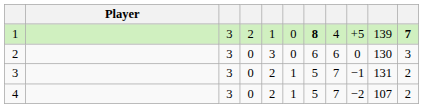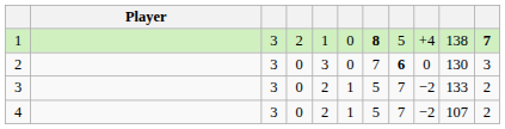 <table class="wikitable" style="text-align:center; margin: 1em auto 1em auto, align:left">
 <tr>
 <th width=20></th>
 <th width=240>Player</th>
 <th width=20></th>
 <th width=20></th>
 <th width=20></th>
 <th width=20></th>
 <th width=20></th>
 <th width=20></th>
 <th width=20></th>
 <th width=30></th>
 <th width=20></th>
 </tr>
 <tr style="background:#D0F0C0;">
 <td>1</td>
 <td align=left></td>
 <td>3</td>
 <td>2</td>
 <td>1</td>
 <td>0</td>
 <td><strong>8</strong></td>
-<td>4</td>
-<td>+5</td>
-<td>139</td>
+<td>5</td>
+<td>+4</td>
+<td>138</td>
 <td><strong>7</strong></td>
 </tr>
 <tr style=>
 <td>2</td>
 <td align=left></td>
 <td>3</td>
 <td>0</td>
 <td>3</td>
 <td>0</td>
-<td>6</td>
-<td>6</td>
+<td>7</td>
+<td><strong>6</strong></td>
 <td>0</td>
 <td>130</td>
 <td>3</td>
 </tr>
 <tr style=>
 <td>3</td>
 <td align=left></td>
 <td>3</td>
 <td>0</td>
 <td>2</td>
 <td>1</td>
 <td>5</td>
 <td>7</td>
-<td>−1</td>
-<td>131</td>
+<td>−2</td>
+<td>133</td>
 <td>2</td>
 </tr>
 <tr style=>
 <td>4</td>
 <td align=left></td>
 <td>3</td>
 <td>0</td>
 <td>2</td>
 <td>1</td>
 <td>5</td>
 <td>7</td>
 <td>−2</td>
 <td>107</td>
 <td>2</td>
 </tr>
 </table>
